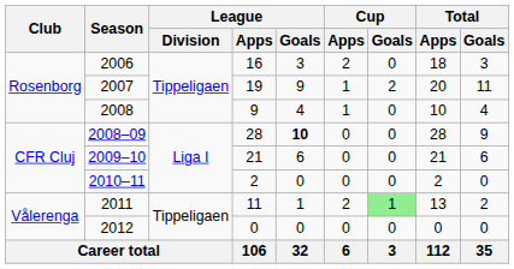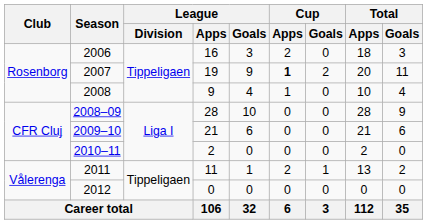 <table class="wikitable" style="text-align:center">
 <tr>
 <th rowspan="2">Club</th>
 <th rowspan="2">Season</th>
 <th colspan="3">League</th>
 <th colspan="2">Cup</th>
 <th colspan="2">Total</th>
 </tr>
 <tr>
 <th>Division</th>
 <th>Apps</th>
 <th>Goals</th>
 <th>Apps</th>
 <th>Goals</th>
 <th>Apps</th>
 <th>Goals</th>
 </tr>
 <tr>
 <td rowspan="3"><a href='#'>Rosenborg</a></td>
 <td>2006</td>
 <td rowspan="3"><a href='#'>Tippeligaen</a></td>
 <td>16</td>
 <td>3</td>
 <td>2</td>
 <td>0</td>
 <td>18</td>
 <td>3</td>
 </tr>
 <tr>
 <td>2007</td>
 <td>19</td>
 <td>9</td>
-<td>1</td>
+<td><strong>1</strong></td>
 <td>2</td>
 <td>20</td>
 <td>11</td>
 </tr>
 <tr>
 <td>2008</td>
 <td>9</td>
 <td>4</td>
 <td>1</td>
 <td>0</td>
 <td>10</td>
 <td>4</td>
 </tr>
 <tr>
 <td rowspan="3"><a href='#'>CFR Cluj</a></td>
 <td><a href='#'>2008–09</a></td>
 <td rowspan="3"><a href='#'>Liga I</a></td>
 <td>28</td>
-<td><strong>10</strong></td>
+<td>10</td>
 <td>0</td>
 <td>0</td>
 <td>28</td>
 <td>9</td>
 </tr>
 <tr>
 <td><a href='#'>2009–10</a></td>
 <td>21</td>
 <td>6</td>
 <td>0</td>
 <td>0</td>
 <td>21</td>
 <td>6</td>
 </tr>
 <tr>
 <td><a href='#'>2010–11</a></td>
 <td>2</td>
 <td>0</td>
 <td>0</td>
 <td>0</td>
 <td>2</td>
 <td>0</td>
 </tr>
 <tr>
 <td rowspan="2"><a href='#'>Vålerenga</a></td>
 <td>2011</td>
 <td rowspan="2">Tippeligaen</td>
 <td>11</td>
 <td>1</td>
 <td>2</td>
-<td style="background: lightgreen;">1</td>
+<td>1</td>
 <td>13</td>
 <td>2</td>
 </tr>
 <tr>
 <td>2012</td>
 <td>0</td>
 <td>0</td>
 <td>0</td>
 <td>0</td>
 <td>0</td>
 <td>0</td>
 </tr>
 <tr>
 <th colspan="3">Career total</th>
 <th>106</th>
 <th>32</th>
 <th>6</th>
 <th>3</th>
 <th>112</th>
 <th>35</th>
 </tr>
 </table>
